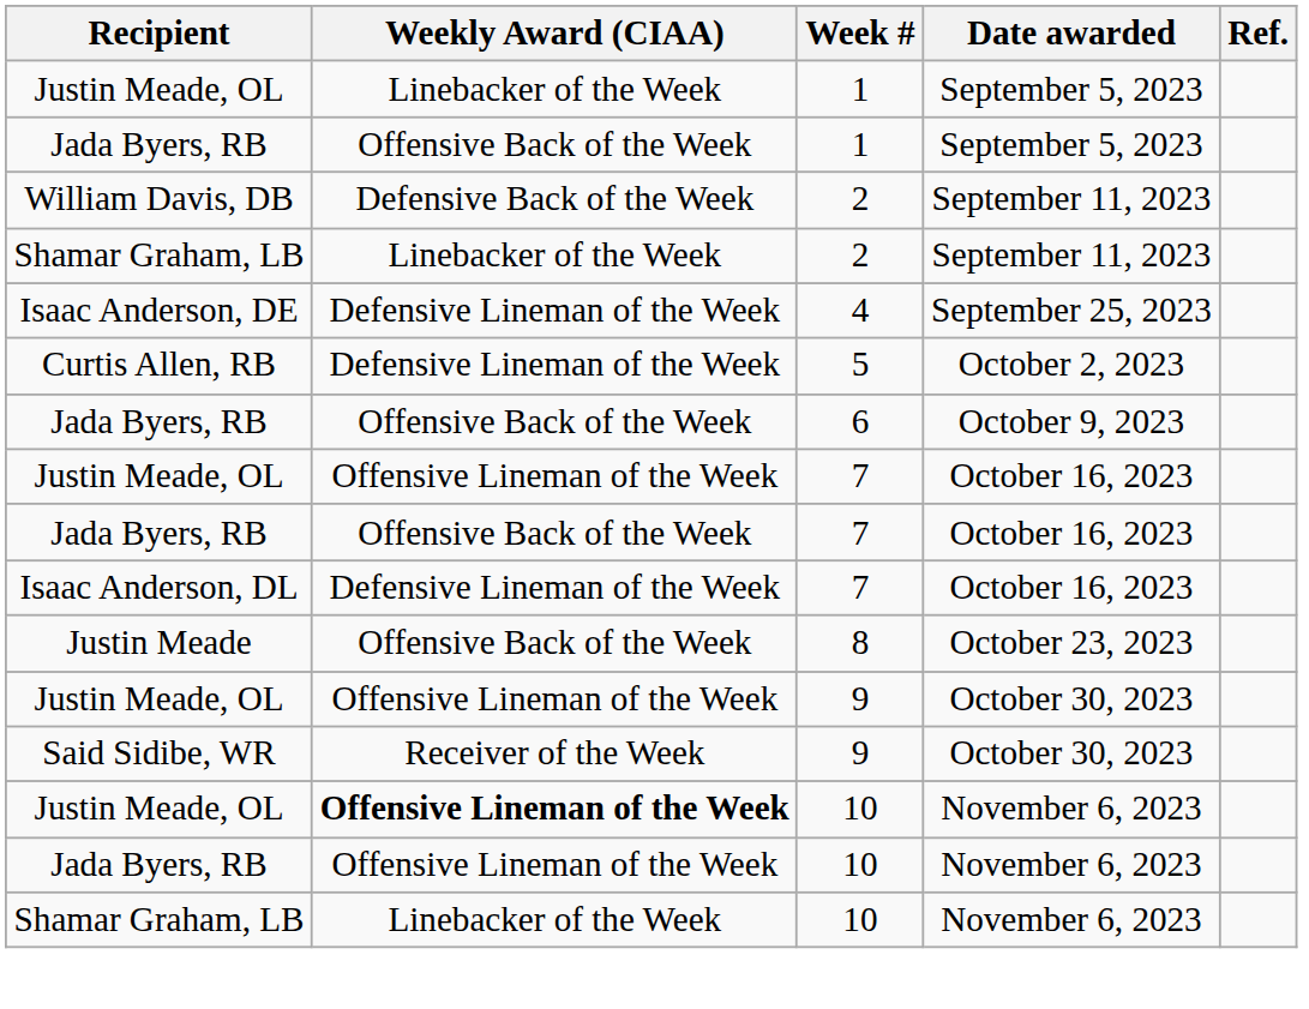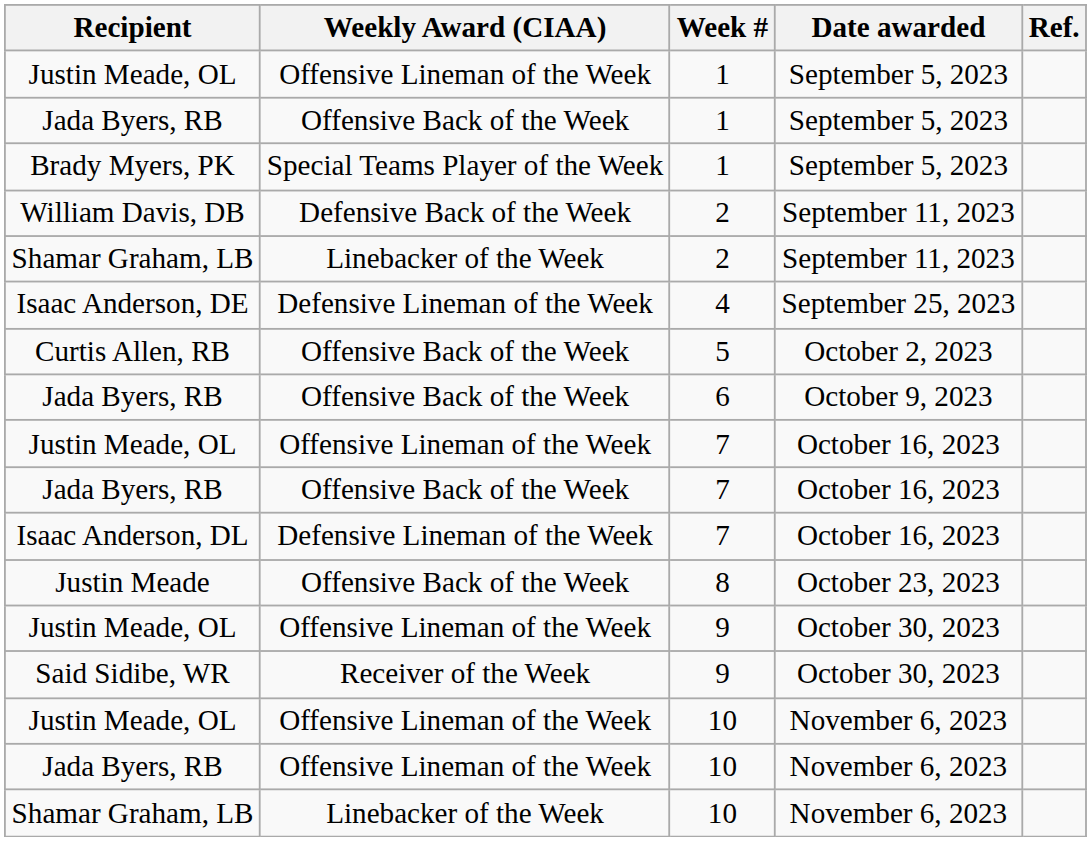 <table class="wikitable sortable" style="text-align:center">
 <tr>
 <th>Recipient</th>
 <th>Weekly Award (CIAA)</th>
 <th>Week #</th>
 <th>Date awarded</th>
 <th>Ref.</th>
 </tr>
 <tr>
 <td>Justin Meade, OL</td>
-<td>Linebacker of the Week</td>
+<td>Offensive Lineman of the Week</td>
 <td>1</td>
 <td>September 5, 2023</td>
 <td></td>
 </tr>
 <tr>
 <td>Jada Byers, RB</td>
 <td>Offensive Back of the Week</td>
+<td>1</td>
+<td>September 5, 2023</td>
+<td></td>
+</tr>
+<tr>
+<td>Brady Myers, PK</td>
+<td>Special Teams Player of the Week</td>
 <td>1</td>
 <td>September 5, 2023</td>
 <td></td>
 </tr>
 <tr>
 <td>William Davis, DB</td>
 <td>Defensive Back of the Week</td>
 <td>2</td>
 <td>September 11, 2023</td>
 <td></td>
 </tr>
 <tr>
 <td>Shamar Graham, LB</td>
 <td>Linebacker of the Week</td>
 <td>2</td>
 <td>September 11, 2023</td>
 <td></td>
 </tr>
 <tr>
 <td>Isaac Anderson, DE</td>
 <td>Defensive Lineman of the Week</td>
 <td>4</td>
 <td>September 25, 2023</td>
 <td></td>
 </tr>
 <tr>
 <td>Curtis Allen, RB</td>
-<td>Defensive Lineman of the Week</td>
+<td>Offensive Back of the Week</td>
 <td>5</td>
 <td>October 2, 2023</td>
 <td></td>
 </tr>
 <tr>
 <td>Jada Byers, RB</td>
 <td>Offensive Back of the Week</td>
 <td>6</td>
 <td>October 9, 2023</td>
 <td></td>
 </tr>
 <tr>
 <td>Justin Meade, OL</td>
 <td>Offensive Lineman of the Week</td>
 <td>7</td>
 <td>October 16, 2023</td>
 <td></td>
 </tr>
 <tr>
 <td>Jada Byers, RB</td>
 <td>Offensive Back of the Week</td>
 <td>7</td>
 <td>October 16, 2023</td>
 <td></td>
 </tr>
 <tr>
 <td>Isaac Anderson, DL</td>
 <td>Defensive Lineman of the Week</td>
 <td>7</td>
 <td>October 16, 2023</td>
 <td></td>
 </tr>
 <tr>
 <td>Justin Meade</td>
 <td>Offensive Back of the Week</td>
 <td>8</td>
 <td>October 23, 2023</td>
 <td></td>
 </tr>
 <tr>
 <td>Justin Meade, OL</td>
 <td>Offensive Lineman of the Week</td>
 <td>9</td>
 <td>October 30, 2023</td>
 <td></td>
 </tr>
 <tr>
 <td>Said Sidibe, WR</td>
 <td>Receiver of the Week</td>
 <td>9</td>
 <td>October 30, 2023</td>
 <td></td>
 </tr>
 <tr>
 <td>Justin Meade, OL</td>
-<td><strong>Offensive Lineman of the Week</strong></td>
+<td>Offensive Lineman of the Week</td>
 <td>10</td>
 <td>November 6, 2023</td>
 <td></td>
 </tr>
 <tr>
 <td>Jada Byers, RB</td>
 <td>Offensive Lineman of the Week</td>
 <td>10</td>
 <td>November 6, 2023</td>
 <td></td>
 </tr>
 <tr>
 <td>Shamar Graham, LB</td>
 <td>Linebacker of the Week</td>
 <td>10</td>
 <td>November 6, 2023</td>
 <td></td>
 </tr>
 </table>
